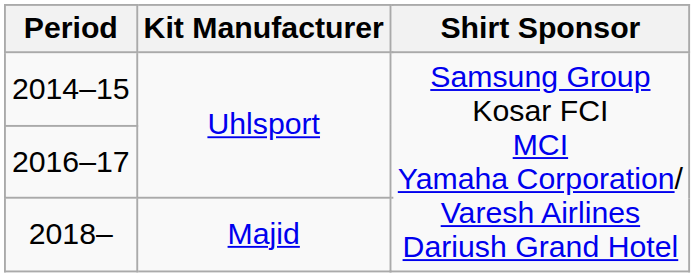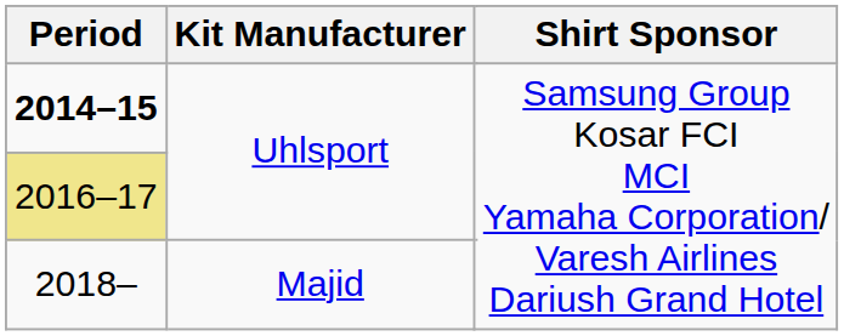 <table class="wikitable" style="text-align:center;">
 <tr>
 <th>Period</th>
 <th colspan=2>Kit Manufacturer</th>
 <th colspan=4>Shirt Sponsor</th>
 </tr>
 <tr>
-<td>2014–15</td>
+<td><strong>2014–15</strong></td>
 <td rowspan=2 colspan=2> <a href='#'>Uhlsport</a></td>
 <td rowspan=10 colspan=4><a href='#'>Samsung Group</a><br>Kosar FCI<br><a href='#'>MCI</a><br><a href='#'>Yamaha Corporation</a>/<br><a href='#'>Varesh Airlines</a><br><a href='#'>Dariush Grand Hotel</a></td>
 </tr>
 <tr>
-<td>2016–17</td>
+<td style="background: khaki;">2016–17</td>
 </tr>
 <tr>
 <td>2018–</td>
 <td rowspan=4 colspan=2> <a href='#'>Majid</a></td>
 </tr>
 </table>
